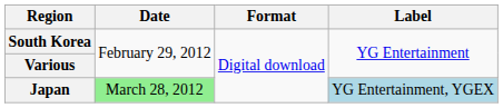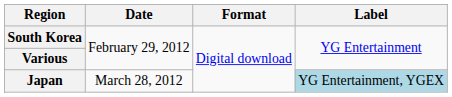 <table class="wikitable plainrowheaders">
 <tr>
 <th>Region</th>
 <th>Date</th>
 <th>Format</th>
 <th>Label</th>
 </tr>
 <tr>
 <th scope="row">South Korea</th>
 <td style="text-align:center;" rowspan=2>February 29, 2012</td>
 <td rowspan=3><a href='#'>Digital download</a></td>
 <td style="text-align:center;" rowspan=2><a href='#'>YG Entertainment</a></td>
 </tr>
 <tr>
 <th scope="row">Various</th>
 </tr>
 <tr>
 <th scope="row">Japan</th>
-<td style="background: lightgreen; text-align:center;">March 28, 2012</td>
+<td style="text-align:center;">March 28, 2012</td>
 <td style="background: lightblue; text-align:center;">YG Entertainment, YGEX</td>
 </tr>
 </table>
